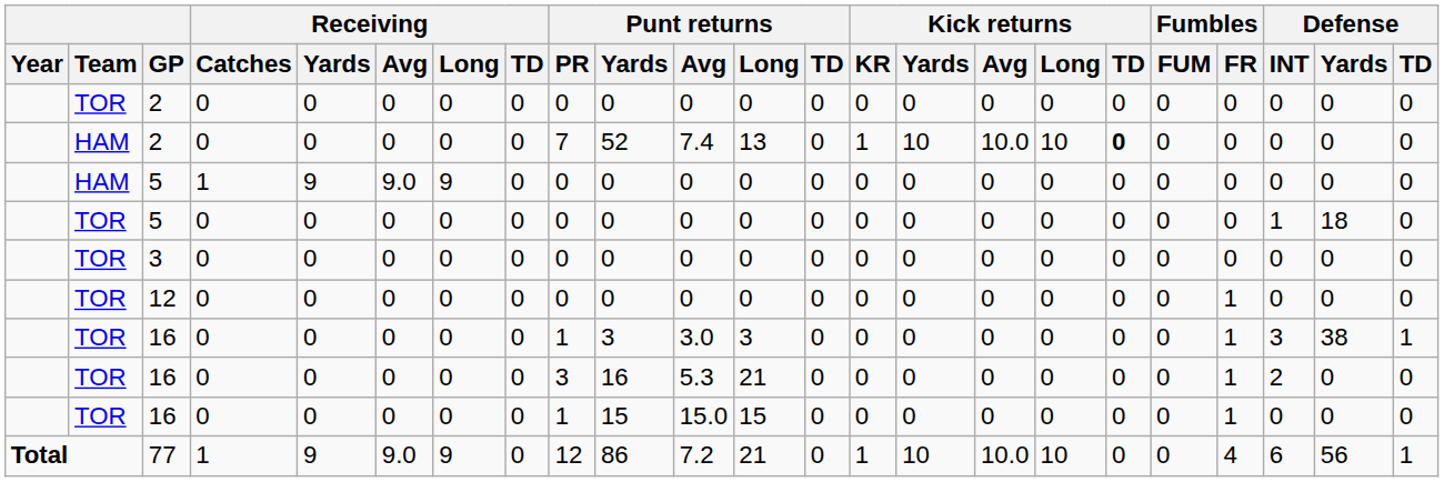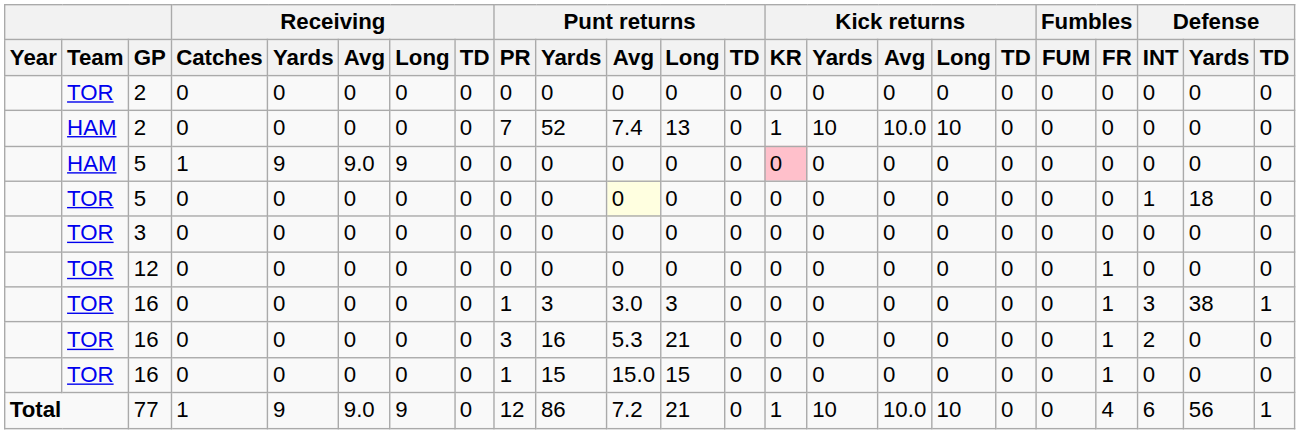 <table class="wikitable">
 <tr>
 <th colspan=3></th>
 <th colspan=5>Receiving</th>
 <th colspan=5>Punt returns</th>
 <th colspan=5>Kick returns</th>
 <th colspan=2>Fumbles</th>
 <th colspan=3>Defense</th>
 </tr>
 <tr>
 <th>Year</th>
 <th>Team</th>
 <th>GP</th>
 <th>Catches</th>
 <th>Yards</th>
 <th>Avg</th>
 <th>Long</th>
 <th>TD</th>
 <th>PR</th>
 <th>Yards</th>
 <th>Avg</th>
 <th>Long</th>
 <th>TD</th>
 <th>KR</th>
 <th>Yards</th>
 <th>Avg</th>
 <th>Long</th>
 <th>TD</th>
 <th>FUM</th>
 <th>FR</th>
 <th>INT</th>
 <th>Yards</th>
 <th>TD</th>
 </tr>
 <tr>
 <td></td>
 <td><a href='#'>TOR</a></td>
 <td>2</td>
 <td>0</td>
 <td>0</td>
 <td>0</td>
 <td>0</td>
 <td>0</td>
 <td>0</td>
 <td>0</td>
 <td>0</td>
 <td>0</td>
 <td>0</td>
 <td>0</td>
 <td>0</td>
 <td>0</td>
 <td>0</td>
 <td>0</td>
 <td>0</td>
 <td>0</td>
 <td>0</td>
 <td>0</td>
 <td>0</td>
 </tr>
 <tr>
 <td></td>
 <td><a href='#'>HAM</a></td>
 <td>2</td>
 <td>0</td>
 <td>0</td>
 <td>0</td>
 <td>0</td>
 <td>0</td>
 <td>7</td>
 <td>52</td>
 <td>7.4</td>
 <td>13</td>
 <td>0</td>
 <td>1</td>
 <td>10</td>
 <td>10.0</td>
 <td>10</td>
-<td><strong>0</strong></td>
+<td>0</td>
 <td>0</td>
 <td>0</td>
 <td>0</td>
 <td>0</td>
 <td>0</td>
 </tr>
 <tr>
 <td></td>
 <td><a href='#'>HAM</a></td>
 <td>5</td>
 <td>1</td>
 <td>9</td>
 <td>9.0</td>
 <td>9</td>
 <td>0</td>
 <td>0</td>
 <td>0</td>
 <td>0</td>
 <td>0</td>
 <td>0</td>
-<td>0</td>
+<td style="background: pink;">0</td>
 <td>0</td>
 <td>0</td>
 <td>0</td>
 <td>0</td>
 <td>0</td>
 <td>0</td>
 <td>0</td>
 <td>0</td>
 <td>0</td>
 </tr>
 <tr>
 <td></td>
 <td><a href='#'>TOR</a></td>
 <td>5</td>
 <td>0</td>
 <td>0</td>
 <td>0</td>
 <td>0</td>
 <td>0</td>
 <td>0</td>
 <td>0</td>
-<td>0</td>
+<td style="background: lightyellow;">0</td>
 <td>0</td>
 <td>0</td>
 <td>0</td>
 <td>0</td>
 <td>0</td>
 <td>0</td>
 <td>0</td>
 <td>0</td>
 <td>0</td>
 <td>1</td>
 <td>18</td>
 <td>0</td>
 </tr>
 <tr>
 <td></td>
 <td><a href='#'>TOR</a></td>
 <td>3</td>
 <td>0</td>
 <td>0</td>
 <td>0</td>
 <td>0</td>
 <td>0</td>
 <td>0</td>
 <td>0</td>
 <td>0</td>
 <td>0</td>
 <td>0</td>
 <td>0</td>
 <td>0</td>
 <td>0</td>
 <td>0</td>
 <td>0</td>
 <td>0</td>
 <td>0</td>
 <td>0</td>
 <td>0</td>
 <td>0</td>
 </tr>
 <tr>
 <td></td>
 <td><a href='#'>TOR</a></td>
 <td>12</td>
 <td>0</td>
 <td>0</td>
 <td>0</td>
 <td>0</td>
 <td>0</td>
 <td>0</td>
 <td>0</td>
 <td>0</td>
 <td>0</td>
 <td>0</td>
 <td>0</td>
 <td>0</td>
 <td>0</td>
 <td>0</td>
 <td>0</td>
 <td>0</td>
 <td>1</td>
 <td>0</td>
 <td>0</td>
 <td>0</td>
 </tr>
 <tr>
 <td></td>
 <td><a href='#'>TOR</a></td>
 <td>16</td>
 <td>0</td>
 <td>0</td>
 <td>0</td>
 <td>0</td>
 <td>0</td>
 <td>1</td>
 <td>3</td>
 <td>3.0</td>
 <td>3</td>
 <td>0</td>
 <td>0</td>
 <td>0</td>
 <td>0</td>
 <td>0</td>
 <td>0</td>
 <td>0</td>
 <td>1</td>
 <td>3</td>
 <td>38</td>
 <td>1</td>
 </tr>
 <tr>
 <td></td>
 <td><a href='#'>TOR</a></td>
 <td>16</td>
 <td>0</td>
 <td>0</td>
 <td>0</td>
 <td>0</td>
 <td>0</td>
 <td>3</td>
 <td>16</td>
 <td>5.3</td>
 <td>21</td>
 <td>0</td>
 <td>0</td>
 <td>0</td>
 <td>0</td>
 <td>0</td>
 <td>0</td>
 <td>0</td>
 <td>1</td>
 <td>2</td>
 <td>0</td>
 <td>0</td>
 </tr>
 <tr>
 <td></td>
 <td><a href='#'>TOR</a></td>
 <td>16</td>
 <td>0</td>
 <td>0</td>
 <td>0</td>
 <td>0</td>
 <td>0</td>
 <td>1</td>
 <td>15</td>
 <td>15.0</td>
 <td>15</td>
 <td>0</td>
 <td>0</td>
 <td>0</td>
 <td>0</td>
 <td>0</td>
 <td>0</td>
 <td>0</td>
 <td>1</td>
 <td>0</td>
 <td>0</td>
 <td>0</td>
 </tr>
 <tr>
 <td colspan=2><strong>Total</strong></td>
 <td>77</td>
 <td>1</td>
 <td>9</td>
 <td>9.0</td>
 <td>9</td>
 <td>0</td>
 <td>12</td>
 <td>86</td>
 <td>7.2</td>
 <td>21</td>
 <td>0</td>
 <td>1</td>
 <td>10</td>
 <td>10.0</td>
 <td>10</td>
 <td>0</td>
 <td>0</td>
 <td>4</td>
 <td>6</td>
 <td>56</td>
 <td>1</td>
 </tr>
 </table>
